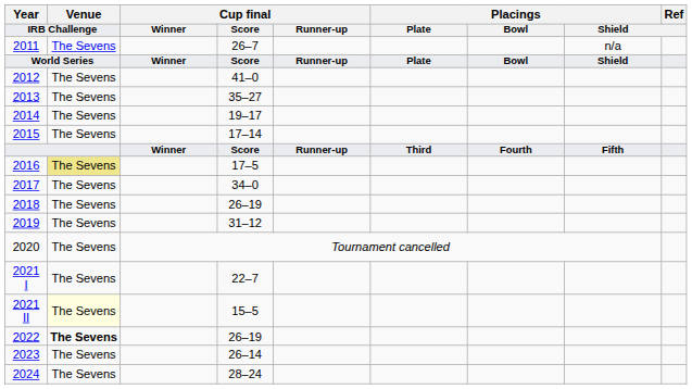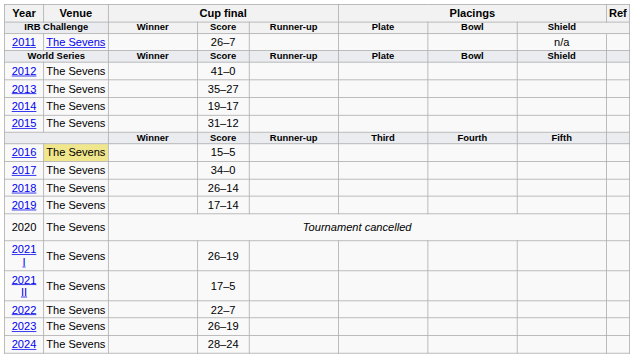 <table class="wikitable" style="font-size:90%; text-align: center;">
 <tr>
 <th>Year</th>
 <th>Venue</th>
 <th colspan=3>Cup final</th>
 <th colspan=3>Placings</th>
 <th>Ref</th>
 </tr>
 <tr bgcolor=#eaecf0 style="line-height:9px; font-size:85%; padding:0px;">
 <td colspan=2 style="border:1px; font-weight:bold;">IRB Challenge</td>
 <th style="font-weight:bold;">Winner</th>
 <th style="width:5em;">Score</th>
 <th style="font-weight:bold;">Runner-up</th>
 <th style="font-weight:bold;">Plate</th>
 <th style="font-weight:bold;">Bowl</th>
 <th style="border-right:0px">Shield</th>
 <th style="border-left:0px"></th>
 </tr>
 <tr>
 <td><a href='#'>2011</a></td>
 <td><a href='#'>The Sevens</a></td>
 <td></td>
 <td>26–7</td>
 <td></td>
 <td></td>
 <td></td>
 <td>n/a</td>
 <td></td>
 </tr>
 <tr bgcolor=#eaecf0 style="line-height:9px; font-size:85%; padding:0px;">
 <td colspan=2 style="border:1px; font-weight:bold;">World Series</td>
 <td style="width:9em; font-weight:bold;">Winner</td>
 <td style="width:3.5em; font-weight:bold;">Score</td>
 <td style="width:9em; font-weight:bold;">Runner-up</td>
 <td style="width:9em; font-weight:bold;">Plate</td>
 <td style="width:9em; font-weight:bold;">Bowl</td>
 <td style="width:9em; font-weight:bold;">Shield</td>
 <td></td>
 </tr>
 <tr>
 <td><a href='#'>2012</a></td>
 <td>The Sevens</td>
 <td></td>
 <td>41–0</td>
 <td></td>
 <td></td>
 <td></td>
 <td></td>
 <td></td>
 </tr>
 <tr>
 <td><a href='#'>2013</a></td>
 <td>The Sevens</td>
 <td></td>
 <td>35–27</td>
 <td></td>
 <td></td>
 <td></td>
 <td></td>
 <td></td>
 </tr>
 <tr>
 <td><a href='#'>2014</a></td>
 <td>The Sevens</td>
 <td></td>
 <td>19–17</td>
 <td></td>
 <td></td>
 <td></td>
 <td></td>
 <td></td>
 </tr>
 <tr>
 <td><a href='#'>2015</a></td>
 <td>The Sevens</td>
 <td></td>
-<td align=center>17–14</td>
+<td>31–12</td>
 <td></td>
 <td></td>
 <td></td>
 <td></td>
 <td></td>
 </tr>
 <tr bgcolor=#eaecf0 style="line-height:9px; font-size:85%; padding:0px;">
 <td colspan=2 style="font-weight:bold;"></td>
 <td style="font-weight:bold;">Winner</td>
 <td style="font-weight:bold;">Score</td>
 <td style="font-weight:bold;">Runner-up</td>
 <td style="font-weight:bold;">Third</td>
 <td style="font-weight:bold;">Fourth</td>
 <td style="font-weight:bold;">Fifth</td>
 <td></td>
 </tr>
 <tr>
 <td><a href='#'>2016</a></td>
 <td style="background: khaki;">The Sevens</td>
 <td></td>
-<td>17–5</td>
+<td>15–5</td>
 <td></td>
 <td></td>
 <td></td>
 <td></td>
 <td></td>
 </tr>
 <tr>
 <td><a href='#'>2017</a></td>
 <td>The Sevens</td>
 <td></td>
 <td align=center>34–0</td>
 <td></td>
 <td></td>
 <td></td>
 <td></td>
 <td></td>
 </tr>
 <tr>
 <td><a href='#'>2018</a></td>
 <td>The Sevens</td>
 <td></td>
-<td>26–19</td>
+<td align=center>26–14</td>
 <td></td>
 <td></td>
 <td></td>
 <td></td>
 <td></td>
 </tr>
 <tr>
 <td><a href='#'>2019</a></td>
 <td>The Sevens</td>
 <td></td>
-<td>31–12</td>
+<td align=center>17–14</td>
 <td></td>
 <td></td>
 <td></td>
 <td></td>
 <td></td>
 </tr>
 <tr>
 <td style="padding:9px; 3px;">2020</td>
 <td>The Sevens</td>
 <td colspan=6><em>Tournament cancelled</em></td>
 <td></td>
 </tr>
 <tr>
 <td><a href='#'>2021<br>I</a></td>
 <td>The Sevens</td>
 <td></td>
-<td>22–7</td>
+<td>26–19</td>
 <td></td>
 <td></td>
 <td></td>
 <td></td>
 <td></td>
 </tr>
 <tr>
 <td><a href='#'>2021<br>II</a></td>
-<td style="background: lightyellow;">The Sevens</td>
+<td>The Sevens</td>
 <td></td>
-<td>15–5</td>
+<td>17–5</td>
 <td></td>
 <td></td>
 <td></td>
 <td></td>
 <td></td>
 </tr>
 <tr>
 <td><a href='#'>2022</a></td>
-<td><strong>The Sevens</strong></td>
+<td>The Sevens</td>
 <td></td>
-<td>26–19</td>
+<td>22–7</td>
 <td></td>
 <td></td>
 <td></td>
 <td></td>
 <td></td>
 </tr>
 <tr>
 <td><a href='#'>2023</a></td>
 <td>The Sevens</td>
 <td></td>
-<td align=center>26–14</td>
+<td>26–19</td>
 <td></td>
 <td></td>
 <td></td>
 <td></td>
 <td></td>
 </tr>
 <tr>
 <td><a href='#'>2024</a></td>
 <td>The Sevens</td>
 <td></td>
 <td>28–24</td>
 <td></td>
 <td></td>
 <td></td>
 <td></td>
 </tr>
 </table>
